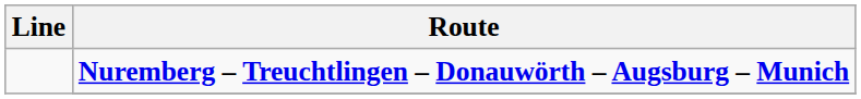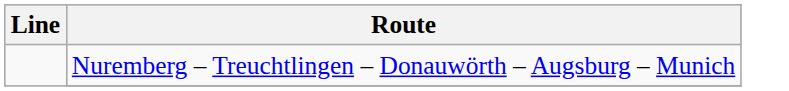 <table class="wikitable">
 <tr>
 <th>Line</th>
 <th>Route</th>
 </tr>
 <tr>
 <td rowspan="2"></td>
-<td><strong><a href='#'>Nuremberg</a> – <a href='#'>Treuchtlingen</a> – <a href='#'>Donauwörth</a> – <a href='#'>Augsburg</a> – <a href='#'>Munich</a></strong></td>
+<td><a href='#'>Nuremberg</a> – <a href='#'>Treuchtlingen</a> – <a href='#'>Donauwörth</a> – <a href='#'>Augsburg</a> – <a href='#'>Munich</a></td>
 </tr>
 <tr>
 </tr>
 </table>
